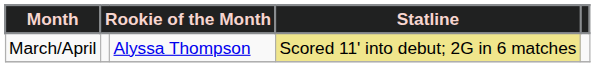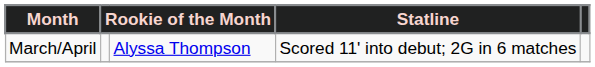 <table class="wikitable sortable">
 <tr>
 <th style="background:#202121; color:#F7D5CF; border:2px solid #898C8F;">Month</th>
 <th style="background:#202121; color:#F7D5CF; border:2px solid #898C8F;" colspan=2>Rookie of the Month</th>
 <th style="background:#202121; color:#F7D5CF; border:2px solid #898C8F;">Statline</th>
 <th style="background:#202121; color:#F7D5CF; border:2px solid #898C8F;"></th>
 </tr>
 <tr>
 <td>March/April</td>
 <td></td>
 <td><a href='#'>Alyssa Thompson</a></td>
-<td style="background: khaki;">Scored 11' into debut; 2G in 6 matches</td>
+<td>Scored 11' into debut; 2G in 6 matches</td>
 <td></td>
 </tr>
 <tr>
 </tr>
 </table>
